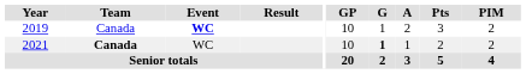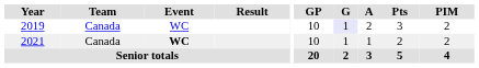 <table border="0" cellpadding="1" cellspacing="0" ID="Table3" style="text-align:center; width:40em">
 <tr bgcolor="#e0e0e0">
 <th>Year</th>
 <th>Team</th>
 <th>Event</th>
 <th>Result</th>
 <th rowspan="100" bgcolor="#ffffff"></th>
 <th>GP</th>
 <th>G</th>
 <th>A</th>
 <th>Pts</th>
 <th>PIM</th>
 </tr>
 <tr>
 <td><a href='#'>2019</a></td>
 <td><a href='#'>Canada</a></td>
-<td><strong><a href='#'>WC</a></strong></td>
+<td><a href='#'>WC</a></td>
 <td></td>
 <td>10</td>
-<td>1</td>
+<td style="background: lavender;">1</td>
 <td>2</td>
 <td>3</td>
 <td>2</td>
 </tr>
 <tr bgcolor="#f0f0f0">
 <td><a href='#'>2021</a></td>
-<td><strong>Canada</strong></td>
-<td>WC</td>
+<td>Canada</td>
+<td><strong>WC</strong></td>
 <td></td>
 <td>10</td>
-<td><strong>1</strong></td>
+<td>1</td>
 <td>1</td>
 <td>2</td>
 <td>2</td>
 </tr>
 <tr bgcolor="#e0e0e0">
 <th colspan="4">Senior totals</th>
 <th>20</th>
 <th>2</th>
 <th>3</th>
 <th>5</th>
 <th>4</th>
 </tr>
 </table>
